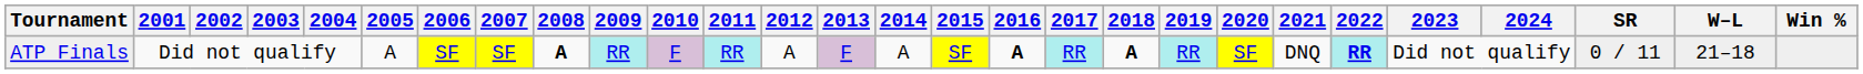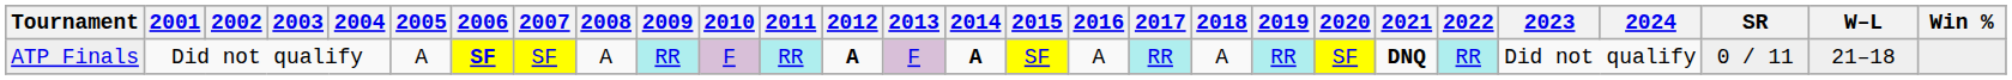 <table class=wikitable style=text-align:center;font-size:84%>
 <tr>
 <th>Tournament</th>
 <th><a href='#'>2001</a></th>
 <th><a href='#'>2002</a></th>
 <th><a href='#'>2003</a></th>
 <th><a href='#'>2004</a></th>
 <th><a href='#'>2005</a></th>
 <th><a href='#'>2006</a></th>
 <th><a href='#'>2007</a></th>
 <th><a href='#'>2008</a></th>
 <th><a href='#'>2009</a></th>
 <th><a href='#'>2010</a></th>
 <th><a href='#'>2011</a></th>
 <th><a href='#'>2012</a></th>
 <th><a href='#'>2013</a></th>
 <th><a href='#'>2014</a></th>
 <th><a href='#'>2015</a></th>
 <th><a href='#'>2016</a></th>
 <th><a href='#'>2017</a></th>
 <th><a href='#'>2018</a></th>
 <th><a href='#'>2019</a></th>
 <th><a href='#'>2020</a></th>
 <th><a href='#'>2021</a></th>
 <th><a href='#'>2022</a></th>
 <th><a href='#'>2023</a></th>
 <th><a href='#'>2024</a></th>
 <th width=50>SR</th>
 <th width=50>W–L</th>
 <th width=40>Win %</th>
 </tr>
 <tr>
 <td style="background:#efefef; text-align:left;"><a href='#'>ATP Finals</a></td>
 <td colspan="4">Did not qualify</td>
 <td>A</td>
+<td style="background:yellow;"><strong><a href='#'>SF</a></strong></td>
 <td style="background:yellow;"><a href='#'>SF</a></td>
-<td style="background:yellow;"><a href='#'>SF</a></td>
-<td><strong>A</strong></td>
+<td>A</td>
 <td style="background:#afeeee;"><a href='#'>RR</a></td>
 <td style="background:thistle;"><a href='#'>F</a></td>
 <td style="background:#afeeee;"><a href='#'>RR</a></td>
+<td><strong>A</strong></td>
+<td style="background:thistle;"><a href='#'>F</a></td>
+<td><strong>A</strong></td>
+<td style="background:yellow;"><a href='#'>SF</a></td>
 <td>A</td>
-<td style="background:thistle;"><a href='#'>F</a></td>
+<td style="background:#afeeee;"><a href='#'>RR</a></td>
 <td>A</td>
-<td style="background:yellow;"><a href='#'>SF</a></td>
-<td><strong>A</strong></td>
-<td style="background:#afeeee;"><a href='#'>RR</a></td>
-<td><strong>A</strong></td>
 <td style="background:#afeeee;"><a href='#'>RR</a></td>
 <td style="background:yellow;"><a href='#'>SF</a></td>
-<td>DNQ</td>
-<td style="background:#afeeee;"><strong><a href='#'>RR</a></strong></td>
+<td><strong>DNQ</strong></td>
+<td style="background:#afeeee;"><a href='#'>RR</a></td>
 <td colspan="2">Did not qualify</td>
 <td style="background:#efefef;">0 / 11</td>
 <td style="background:#efefef;">21–18</td>
 <td style="background:#efefef;"></td>
 </tr>
 </table>
